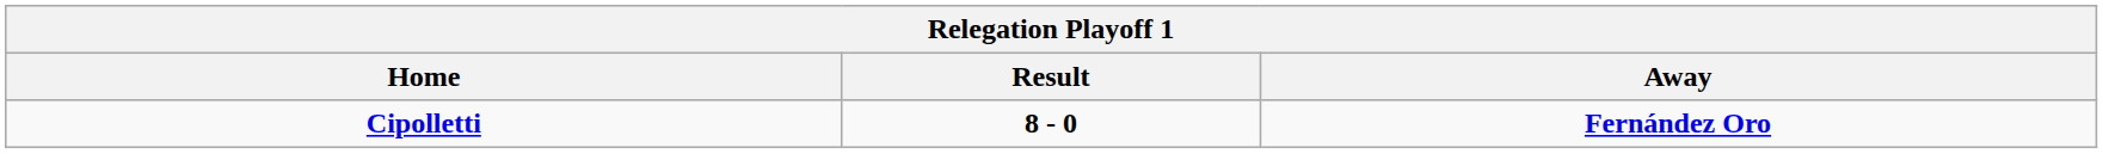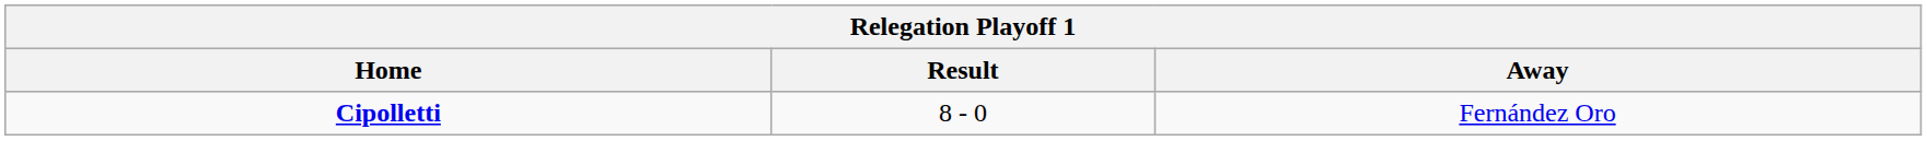 <table align=center class="wikitable collapsed" style="font-size:95%; text-align: center; width: 70%;">
 <tr>
 <th colspan=100% style="with: 100%;" align=center>Relegation Playoff 1</th>
 </tr>
 <tr>
 <th width=30%>Home</th>
 <th width=15%>Result</th>
 <th width=30%>Away</th>
 </tr>
 <tr align=center>
 <td><strong><a href='#'>Cipolletti</a></strong></td>
-<td><strong>8 - 0</strong></td>
-<td><strong><a href='#'>Fernández Oro</a></strong></td>
+<td>8 - 0</td>
+<td><a href='#'>Fernández Oro</a></td>
 </tr>
 </table>
